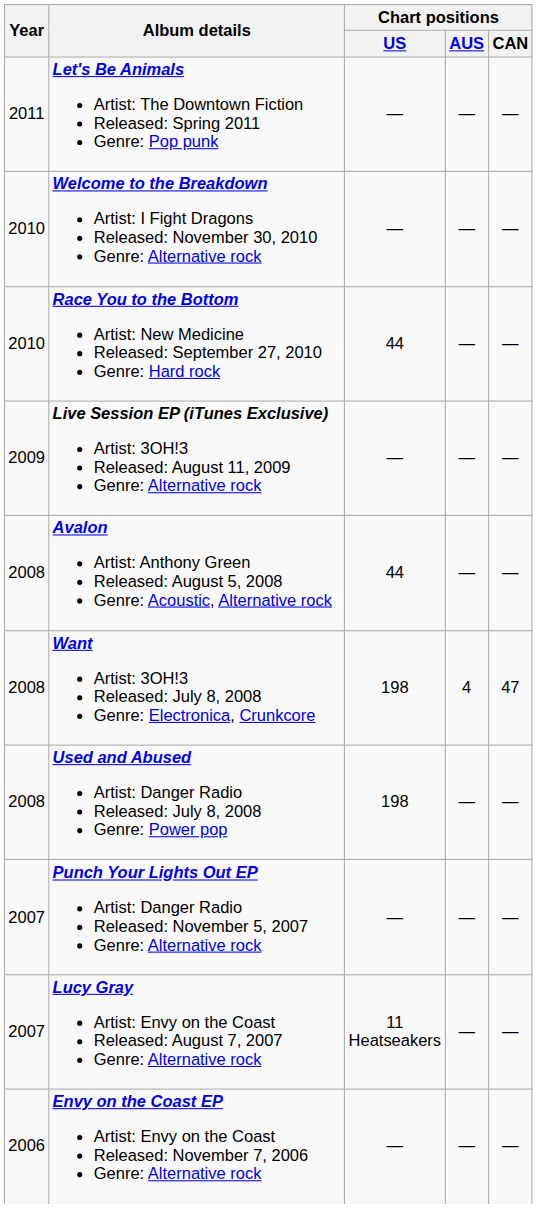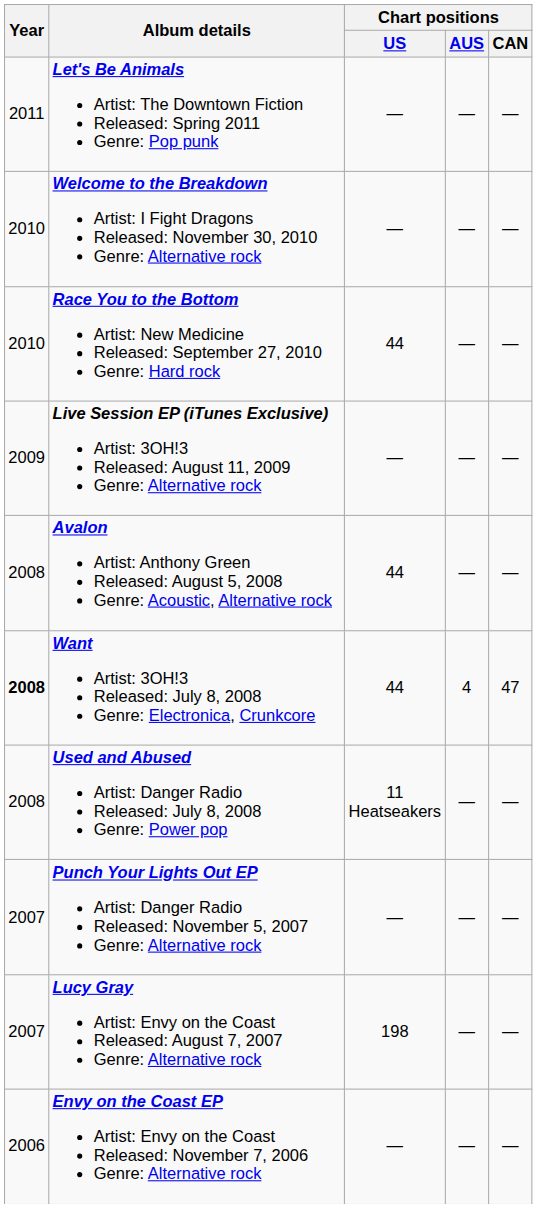 <table class=wikitable style=text-align:center;>
 <tr>
 <th rowspan="2" style="width:20px;">Year</th>
 <th rowspan="2" style="width:280px;">Album details</th>
 <th colspan="3">Chart positions</th>
 </tr>
 <tr>
 <th width=35><a href='#'>US</a></th>
 <th width=35><a href='#'>AUS</a></th>
 <th width=35>CAN</th>
 </tr>
 <tr>
 <td>2011</td>
 <td align=left><strong><em><a href='#'>Let's Be Animals</a></em></strong><br><ul><li>Artist: The Downtown Fiction</li><li>Released: Spring 2011</li><li>Genre: <a href='#'>Pop punk</a></li></ul></td>
 <td style="text-align:center;">—</td>
 <td style="text-align:center;">—</td>
 <td style="text-align:center;">—</td>
 </tr>
 <tr>
 <td>2010</td>
 <td align=left><strong><em><a href='#'>Welcome to the Breakdown</a></em></strong><br><ul><li>Artist: I Fight Dragons</li><li>Released: November 30, 2010</li><li>Genre: <a href='#'>Alternative rock</a></li></ul></td>
 <td style="text-align:center;">—</td>
 <td style="text-align:center;">—</td>
 <td style="text-align:center;">—</td>
 </tr>
 <tr>
 <td>2010</td>
 <td align=left><strong><em><a href='#'>Race You to the Bottom</a></em></strong><br><ul><li>Artist: New Medicine</li><li>Released: September 27, 2010</li><li>Genre: <a href='#'>Hard rock</a></li></ul></td>
 <td style="text-align:center;">44</td>
 <td style="text-align:center;">—</td>
 <td style="text-align:center;">—</td>
 </tr>
 <tr>
 <td>2009</td>
 <td align=left><strong><em>Live Session EP (iTunes Exclusive)</em></strong><br><ul><li>Artist: 3OH!3</li><li>Released: August 11, 2009</li><li>Genre: <a href='#'>Alternative rock</a></li></ul></td>
 <td style="text-align:center;">—</td>
 <td style="text-align:center;">—</td>
 <td style="text-align:center;">—</td>
 </tr>
 <tr>
 <td>2008</td>
 <td align=left><strong><em><a href='#'>Avalon</a></em></strong><br><ul><li>Artist: Anthony Green</li><li>Released: August 5, 2008</li><li>Genre: <a href='#'>Acoustic</a>, <a href='#'>Alternative rock</a></li></ul></td>
 <td style="text-align:center;">44</td>
 <td style="text-align:center;">—</td>
 <td style="text-align:center;">—</td>
 </tr>
 <tr>
-<td>2008</td>
+<td><strong>2008</strong></td>
 <td align=left><strong><em><a href='#'>Want</a></em></strong><br><ul><li>Artist: 3OH!3</li><li>Released: July 8, 2008</li><li>Genre: <a href='#'>Electronica</a>, <a href='#'>Crunkcore</a></li></ul></td>
-<td style="text-align:center;">198</td>
+<td style="text-align:center;">44</td>
 <td style="text-align:center;">4</td>
 <td style="text-align:center;">47</td>
 </tr>
 <tr>
 <td>2008</td>
 <td align=left><strong><em><a href='#'>Used and Abused</a></em></strong><br><ul><li>Artist: Danger Radio</li><li>Released: July 8, 2008</li><li>Genre: <a href='#'>Power pop</a></li></ul></td>
-<td style="text-align:center;">198</td>
+<td style="text-align:center;">11 Heatseakers</td>
 <td style="text-align:center;">—</td>
 <td style="text-align:center;">—</td>
 </tr>
 <tr>
 <td>2007</td>
 <td align=left><strong><em><a href='#'>Punch Your Lights Out EP</a></em></strong><br><ul><li>Artist: Danger Radio</li><li>Released: November 5, 2007</li><li>Genre: <a href='#'>Alternative rock</a></li></ul></td>
 <td style="text-align:center;">—</td>
 <td style="text-align:center;">—</td>
 <td style="text-align:center;">—</td>
 </tr>
 <tr>
 <td>2007</td>
 <td align=left><strong><em><a href='#'>Lucy Gray</a></em></strong><br><ul><li>Artist: Envy on the Coast</li><li>Released: August 7, 2007</li><li>Genre: <a href='#'>Alternative rock</a></li></ul></td>
-<td style="text-align:center;">11 Heatseakers</td>
+<td style="text-align:center;">198</td>
 <td style="text-align:center;">—</td>
 <td style="text-align:center;">—</td>
 </tr>
 <tr>
 <td>2006</td>
 <td align=left><strong><em><a href='#'>Envy on the Coast EP</a></em></strong><br><ul><li>Artist: Envy on the Coast</li><li>Released: November 7, 2006</li><li>Genre: <a href='#'>Alternative rock</a></li></ul></td>
 <td style="text-align:center;">—</td>
 <td style="text-align:center;">—</td>
 <td style="text-align:center;">—</td>
 </tr>
 </table>
